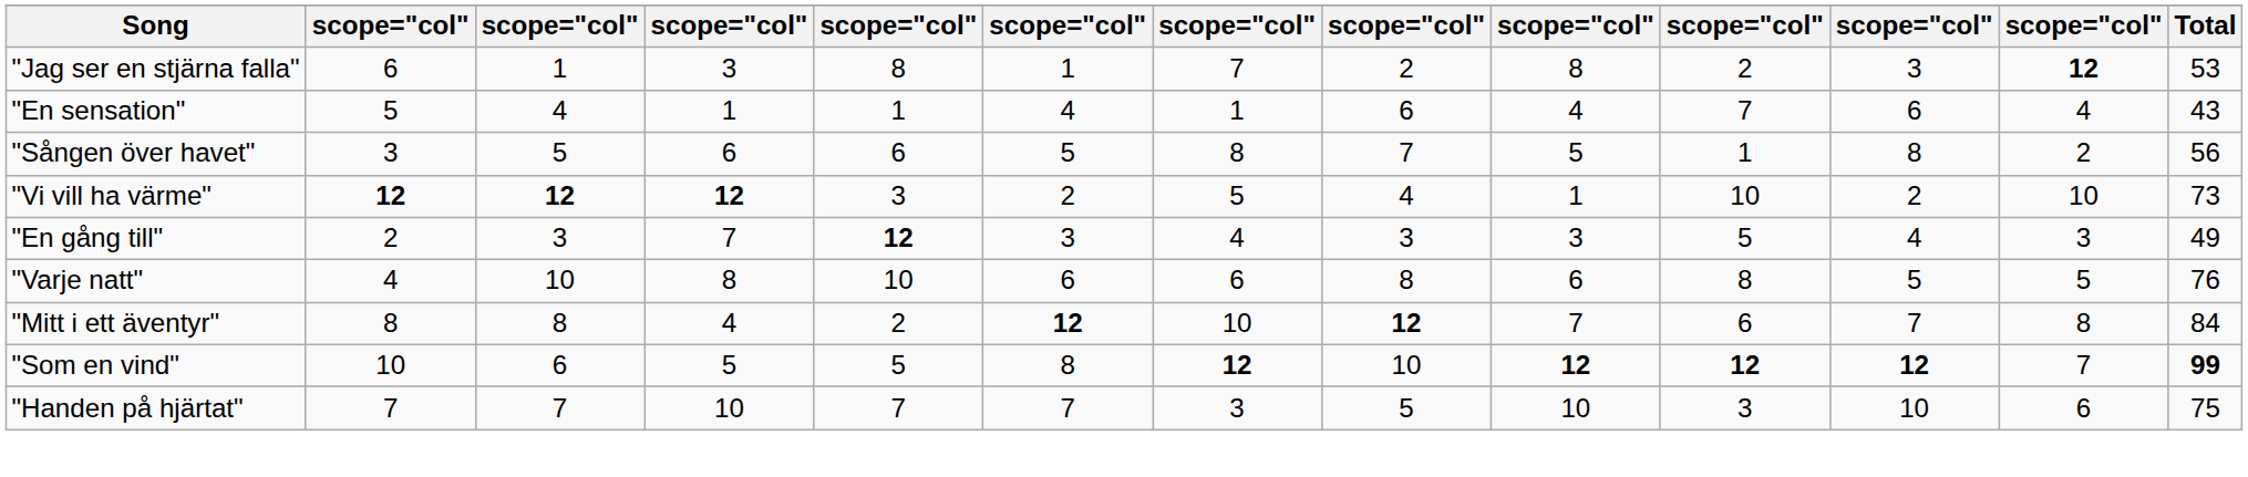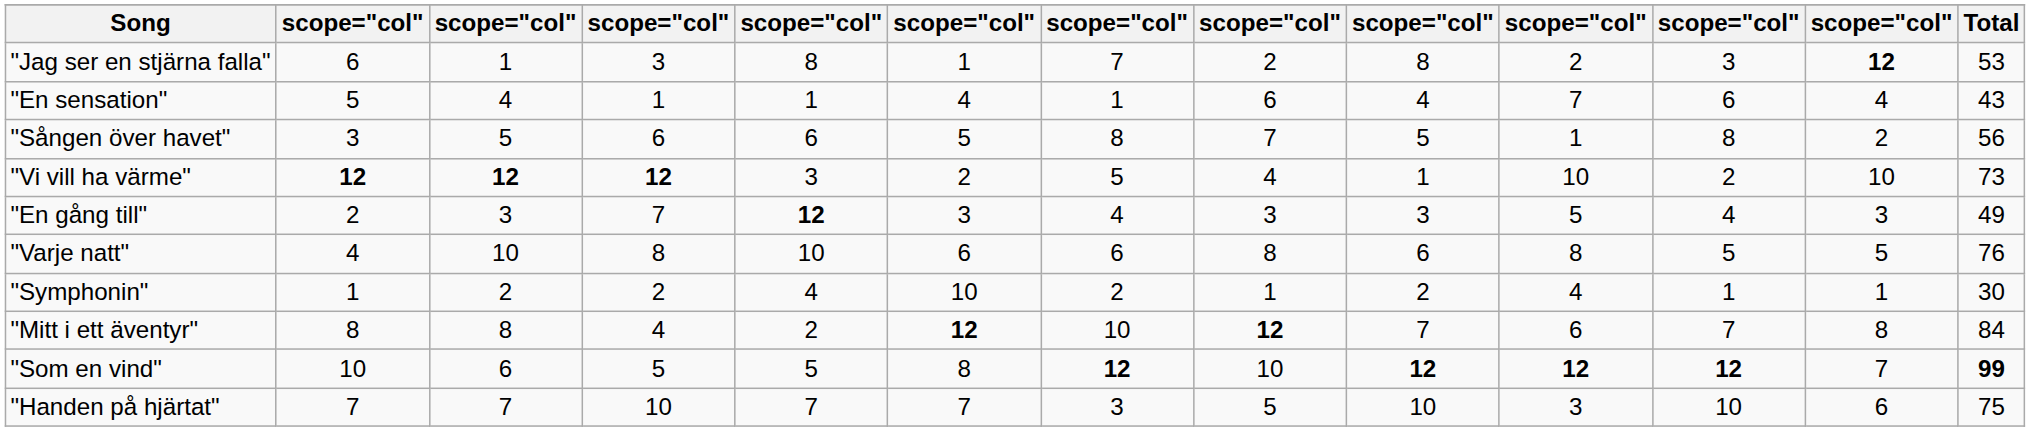 <table class="wikitable plainrowheaders" style="margin: 1em auto 1em auto; text-align:center;">
 <tr>
 </tr>
 <tr>
 <th scope="col">Song</th>
 <th>scope="col" </th>
 <th>scope="col" </th>
 <th>scope="col" </th>
 <th>scope="col" </th>
 <th>scope="col" </th>
 <th>scope="col" </th>
 <th>scope="col" </th>
 <th>scope="col" </th>
 <th>scope="col" </th>
 <th>scope="col" </th>
 <th>scope="col" </th>
 <th scope="col">Total</th>
 </tr>
 <tr --->
 <td align="left">"Jag ser en stjärna falla"</td>
 <td>6</td>
 <td>1</td>
 <td>3</td>
 <td>8</td>
 <td>1</td>
 <td>7</td>
 <td>2</td>
 <td>8</td>
 <td>2</td>
 <td>3</td>
 <td><strong>12</strong></td>
 <td>53</td>
 </tr>
 <tr --->
 <td align="left">"En sensation"</td>
 <td>5</td>
 <td>4</td>
 <td>1</td>
 <td>1</td>
 <td>4</td>
 <td>1</td>
 <td>6</td>
 <td>4</td>
 <td>7</td>
 <td>6</td>
 <td>4</td>
 <td>43</td>
 </tr>
 <tr --->
 <td align="left">"Sången över havet"</td>
 <td>3</td>
 <td>5</td>
 <td>6</td>
 <td>6</td>
 <td>5</td>
 <td>8</td>
 <td>7</td>
 <td>5</td>
 <td>1</td>
 <td>8</td>
 <td>2</td>
 <td>56</td>
 </tr>
 <tr --->
 <td align="left">"Vi vill ha värme"</td>
 <td><strong>12</strong></td>
 <td><strong>12</strong></td>
 <td><strong>12</strong></td>
 <td>3</td>
 <td>2</td>
 <td>5</td>
 <td>4</td>
 <td>1</td>
 <td>10</td>
 <td>2</td>
 <td>10</td>
 <td>73</td>
 </tr>
 <tr --->
 <td align="left">"En gång till"</td>
 <td>2</td>
 <td>3</td>
 <td>7</td>
 <td><strong>12</strong></td>
 <td>3</td>
 <td>4</td>
 <td>3</td>
 <td>3</td>
 <td>5</td>
 <td>4</td>
 <td>3</td>
 <td>49</td>
 </tr>
 <tr --->
 <td align="left">"Varje natt"</td>
 <td>4</td>
 <td>10</td>
 <td>8</td>
 <td>10</td>
 <td>6</td>
 <td>6</td>
 <td>8</td>
 <td>6</td>
 <td>8</td>
 <td>5</td>
 <td>5</td>
 <td>76</td>
 </tr>
 <tr --->
+<td align="left">"Symphonin"</td>
+<td>1</td>
+<td>2</td>
+<td>2</td>
+<td>4</td>
+<td>10</td>
+<td>2</td>
+<td>1</td>
+<td>2</td>
+<td>4</td>
+<td>1</td>
+<td>1</td>
+<td>30</td>
+</tr>
+<tr --->
 <td align="left">"Mitt i ett äventyr"</td>
 <td>8</td>
 <td>8</td>
 <td>4</td>
 <td>2</td>
 <td><strong>12</strong></td>
 <td>10</td>
 <td><strong>12</strong></td>
 <td>7</td>
 <td>6</td>
 <td>7</td>
 <td>8</td>
 <td>84</td>
 </tr>
 <tr --->
 <td align="left">"Som en vind"</td>
 <td>10</td>
 <td>6</td>
 <td>5</td>
 <td>5</td>
 <td>8</td>
 <td><strong>12</strong></td>
 <td>10</td>
 <td><strong>12</strong></td>
 <td><strong>12</strong></td>
 <td><strong>12</strong></td>
 <td>7</td>
 <td><strong>99</strong></td>
 </tr>
 <tr --->
 <td align="left">"Handen på hjärtat"</td>
 <td>7</td>
 <td>7</td>
 <td>10</td>
 <td>7</td>
 <td>7</td>
 <td>3</td>
 <td>5</td>
 <td>10</td>
 <td>3</td>
 <td>10</td>
 <td>6</td>
 <td>75</td>
 </tr>
 </table>
